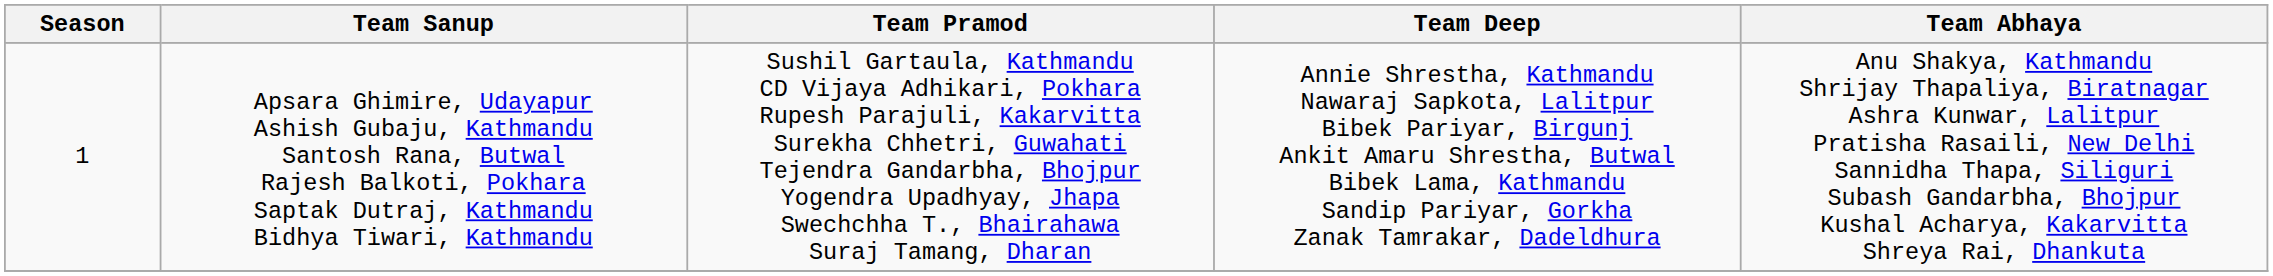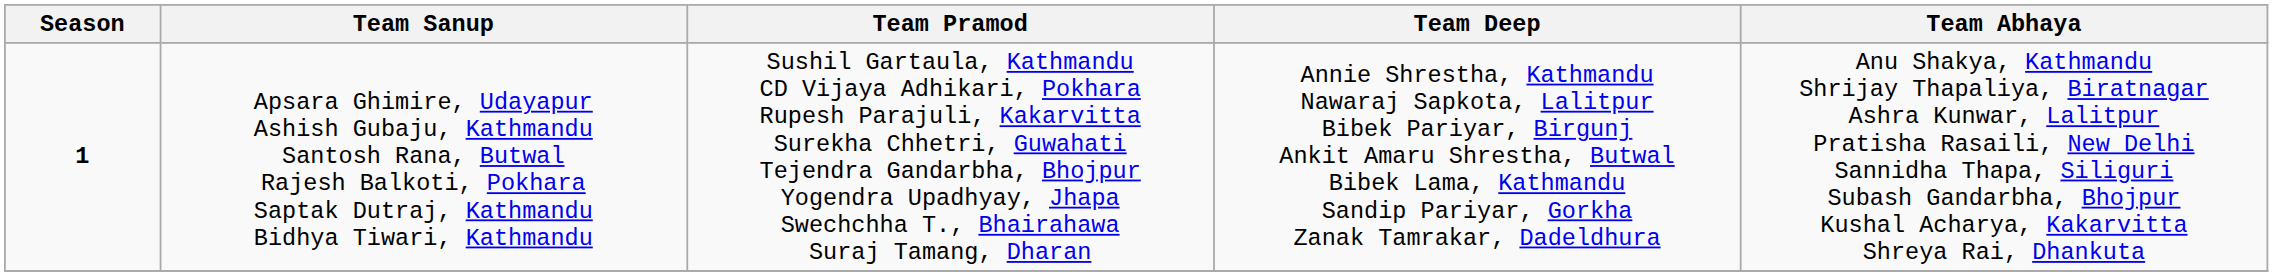 <table class="wikitable plainrowheaders" style="text-align:center">
 <tr>
 <th style="width:5%;" scope="col">Season</th>
 <th style="width:17%;" scope="col">Team Sanup</th>
 <th style="width:17%;" scope="col">Team Pramod</th>
 <th style="width:17%;" scope="col">Team Deep</th>
 <th style="width:17%;" scope="col">Team Abhaya</th>
 </tr>
 <tr>
-<td scope="row">1</td>
+<td scope="row"><strong>1</strong></td>
 <td><br>Apsara Ghimire, <a href='#'>Udayapur</a> <br>Ashish Gubaju, <a href='#'>Kathmandu</a> <br>Santosh Rana, <a href='#'>Butwal</a><br>Rajesh Balkoti, <a href='#'>Pokhara</a><br>Saptak Dutraj, <a href='#'>Kathmandu</a><br>Bidhya Tiwari, <a href='#'>Kathmandu</a></td>
 <td>Sushil Gartaula, <a href='#'>Kathmandu</a> <br>CD Vijaya Adhikari, <a href='#'>Pokhara</a> <br>Rupesh Parajuli, <a href='#'>Kakarvitta</a><br>Surekha Chhetri, <a href='#'>Guwahati</a><br>Tejendra Gandarbha, <a href='#'>Bhojpur</a><br>Yogendra Upadhyay, <a href='#'>Jhapa</a><br>Swechchha T., <a href='#'>Bhairahawa</a><br>Suraj Tamang, <a href='#'>Dharan</a></td>
 <td>Annie Shrestha, <a href='#'>Kathmandu</a> <br>Nawaraj Sapkota, <a href='#'>Lalitpur</a> <br>Bibek Pariyar, <a href='#'>Birgunj</a><br>Ankit Amaru Shrestha, <a href='#'>Butwal</a><br>Bibek Lama, <a href='#'>Kathmandu</a><br>Sandip Pariyar, <a href='#'>Gorkha</a><br>Zanak Tamrakar, <a href='#'>Dadeldhura</a></td>
 <td>Anu Shakya, <a href='#'>Kathmandu</a> <br>Shrijay Thapaliya, <a href='#'>Biratnagar</a> <br>Ashra Kunwar, <a href='#'>Lalitpur</a><br>Pratisha Rasaili, <a href='#'>New Delhi</a><br>Sannidha Thapa, <a href='#'>Siliguri</a><br>Subash Gandarbha, <a href='#'>Bhojpur</a><br>Kushal Acharya, <a href='#'>Kakarvitta</a><br>Shreya Rai, <a href='#'>Dhankuta</a></td>
 </tr>
 <tr>
 </tr>
 </table>
